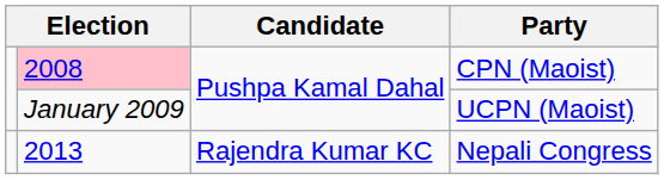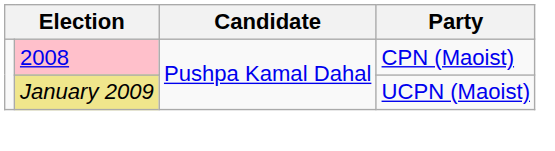 <table class="wikitable">
 <tr>
 <th colspan="2">Election</th>
 <th>Candidate</th>
 <th>Party</th>
 </tr>
 <tr>
 <td rowspan="2" style="background-color:"></td>
 <td style="background: pink;"><a href='#'>2008</a></td>
 <td rowspan="2"><a href='#'>Pushpa Kamal Dahal</a></td>
 <td><a href='#'>CPN (Maoist)</a></td>
 </tr>
 <tr>
-<td><em>January 2009</em></td>
+<td style="background: khaki;"><em>January 2009</em></td>
 <td><a href='#'>UCPN (Maoist)</a></td>
 </tr>
-<tr>
-<td style="background-color:"></td>
-<td><a href='#'>2013</a></td>
-<td><a href='#'>Rajendra Kumar KC</a></td>
-<td><a href='#'>Nepali Congress</a></td>
-</tr>
 </table>
